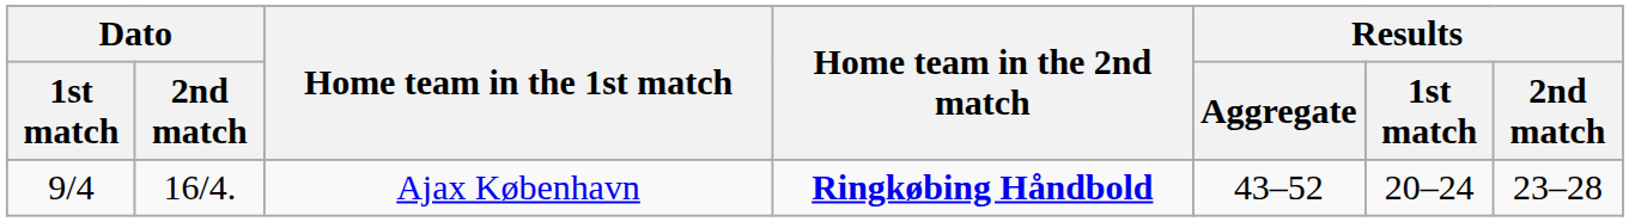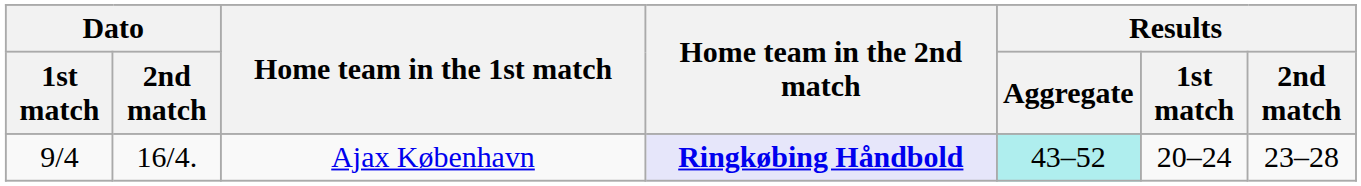 <table class="wikitable" style="text-align:center; margin-left:1em;">
 <tr>
 <th colspan="2">Dato</th>
 <th rowspan="2" style="width:220px;">Home team in the 1st match</th>
 <th rowspan="2" style="width:180px;">Home team in the 2nd match</th>
 <th colspan="3">Results</th>
 </tr>
 <tr>
 <th style="width:50px;">1st match</th>
 <th style="width:50px;">2nd match</th>
 <th style="width:50px;">Aggregate</th>
 <th style="width:50px;">1st match</th>
 <th style="width:50px;">2nd match</th>
 </tr>
 <tr>
 <td>9/4</td>
 <td>16/4.</td>
 <td><a href='#'>Ajax København</a></td>
-<td><strong><a href='#'>Ringkøbing Håndbold</a></strong></td>
-<td>43–52</td>
+<td style="background: lavender;"><strong><a href='#'>Ringkøbing Håndbold</a></strong></td>
+<td style="background: paleturquoise;">43–52</td>
 <td>20–24</td>
 <td>23–28</td>
 </tr>
 </table>
